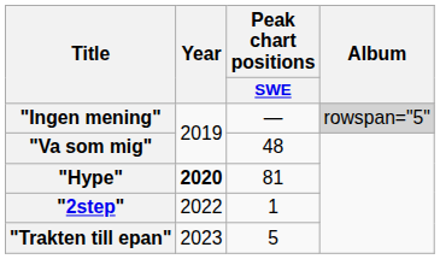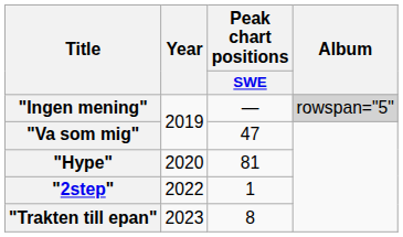 <table class="wikitable plainrowheaders" style="text-align:center;">
 <tr>
 <th scope="col" rowspan="2">Title</th>
 <th scope="col" rowspan="2">Year</th>
 <th scope="col" colspan="1">Peak chart positions</th>
 <th scope="col" rowspan="2">Album</th>
 </tr>
 <tr>
 <th scope="col" style="width:3em;font-size:85%;"><a href='#'>SWE</a><br></th>
 </tr>
 <tr>
 <th scope="row">"Ingen mening"<br></th>
 <td rowspan="2">2019</td>
 <td>—</td>
 <td style="background: lightgrey;">rowspan="5" </td>
 </tr>
 <tr>
 <th scope="row">"Va som mig"<br></th>
-<td>48</td>
+<td>47</td>
 </tr>
 <tr>
 <th scope="row">"Hype"<br></th>
-<td><strong>2020</strong></td>
+<td>2020</td>
 <td>81</td>
 </tr>
 <tr>
 <th scope="row">"<a href='#'>2step</a>"<br></th>
 <td>2022</td>
 <td>1<br></td>
 </tr>
 <tr>
 <th scope="row">"Trakten till epan"<br></th>
 <td>2023</td>
-<td>5<br></td>
+<td>8<br></td>
 </tr>
 </table>
